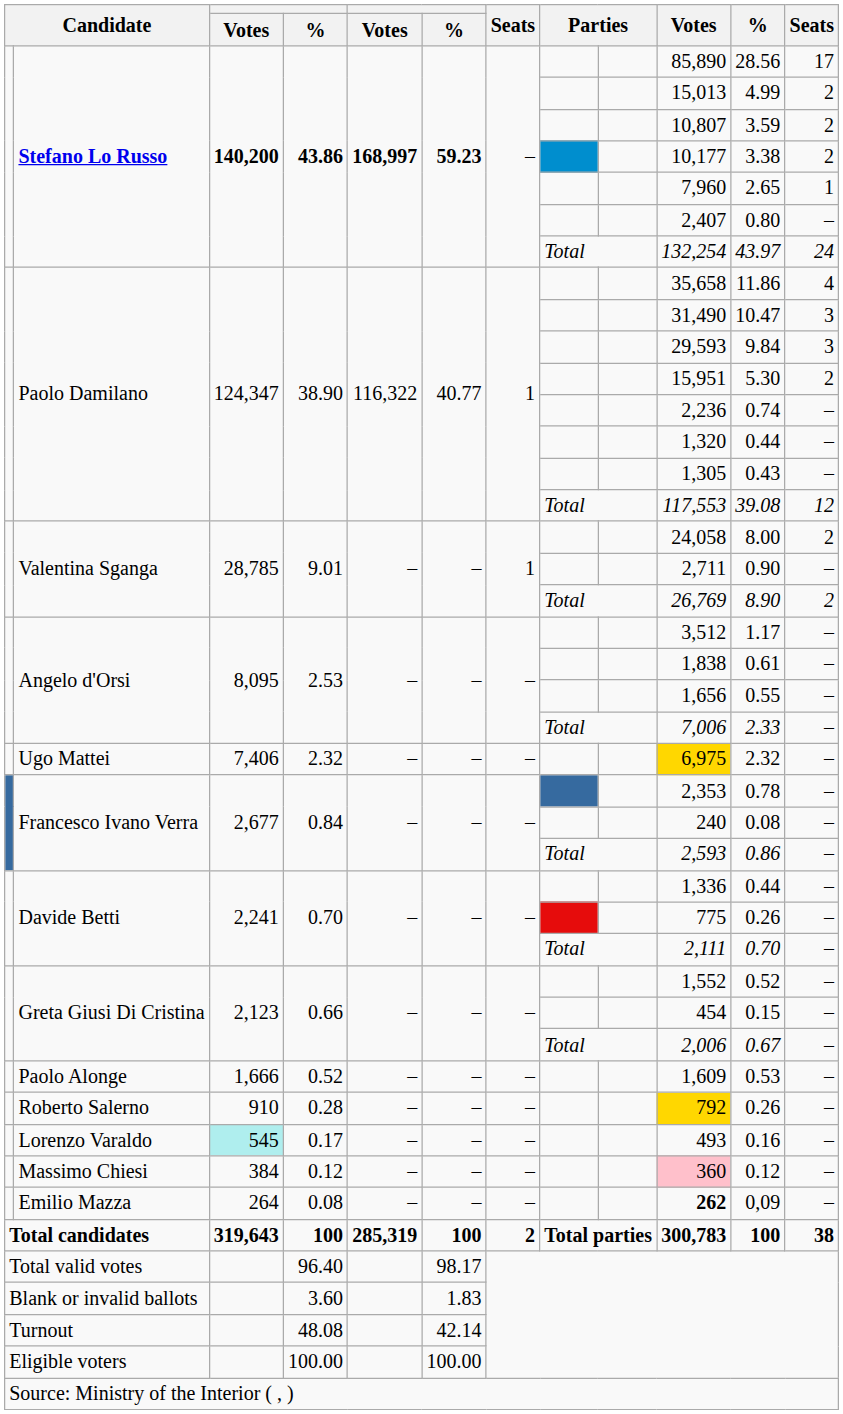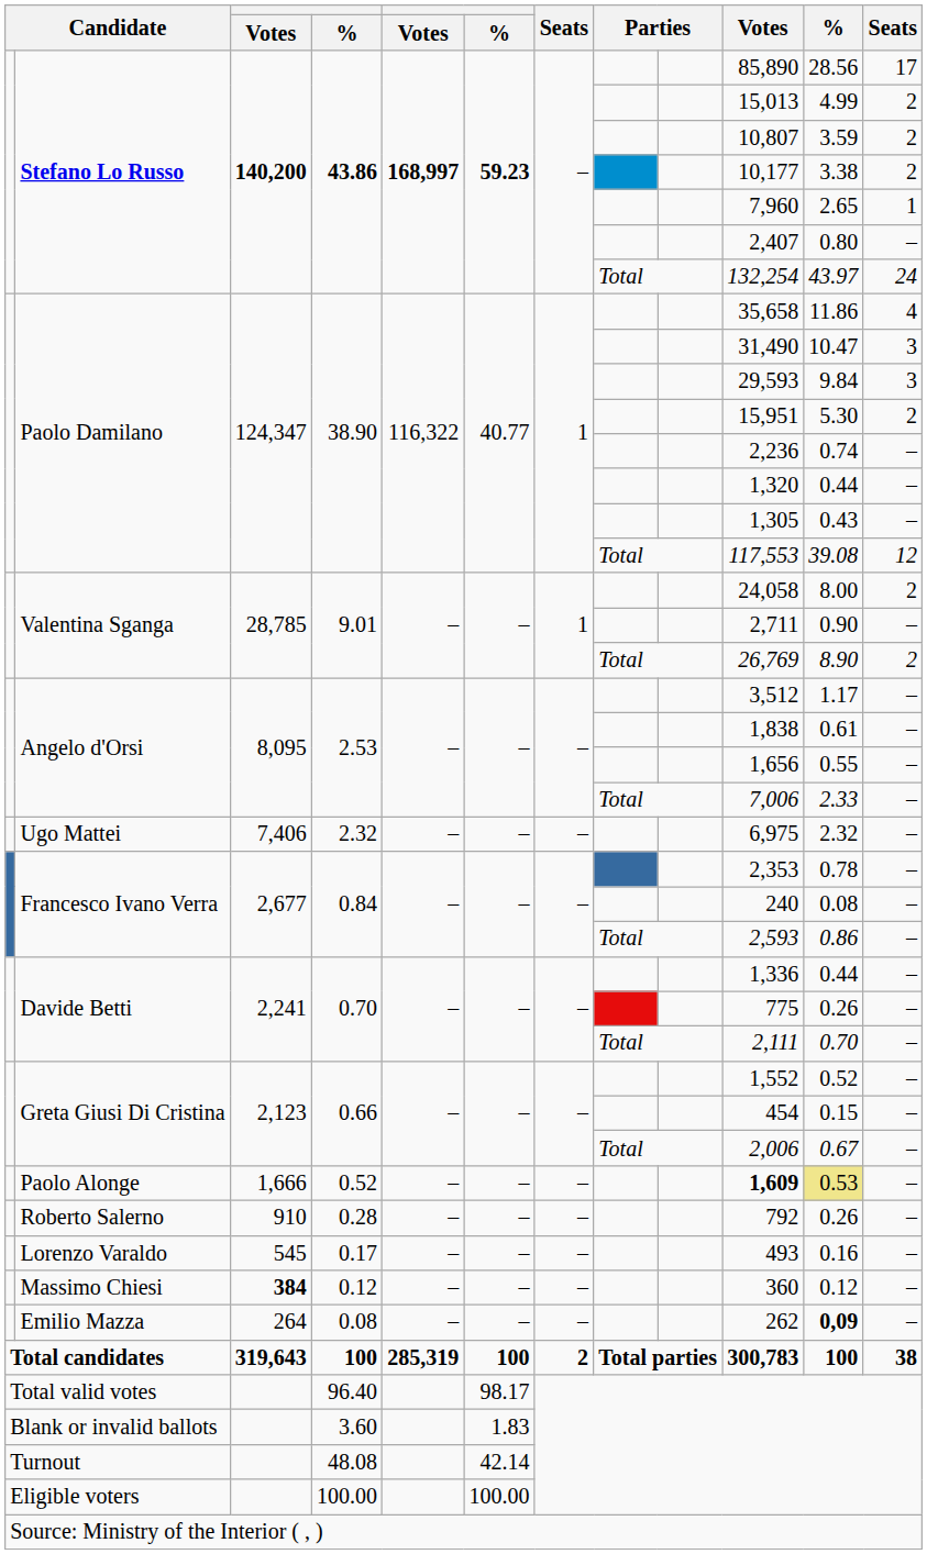 <table class="wikitable" style="text-align:right;">
 <tr>
 <th colspan=2 rowspan=2>Candidate</th>
 <th colspan=2></th>
 <th colspan=2></th>
 <th rowspan=2>Seats</th>
 <th colspan=2 rowspan=2>Parties</th>
 <th rowspan=2>Votes</th>
 <th rowspan=2>%</th>
 <th rowspan=2>Seats</th>
 </tr>
 <tr>
 <th>Votes</th>
 <th>%</th>
 <th>Votes</th>
 <th>%</th>
 </tr>
 <tr>
 <td rowspan=7></td>
 <td rowspan=7 align=left><strong><a href='#'>Stefano Lo Russo</a></strong></td>
 <td rowspan=7><strong>140,200</strong></td>
 <td rowspan=7><strong>43.86</strong></td>
 <td rowspan=7><strong>168,997</strong></td>
 <td rowspan=7><strong>59.23</strong></td>
 <td rowspan=7>–</td>
 <td></td>
 <td align=left></td>
 <td>85,890</td>
 <td>28.56</td>
 <td>17</td>
 </tr>
 <tr>
 <td></td>
 <td align=left></td>
 <td>15,013</td>
 <td>4.99</td>
 <td>2</td>
 </tr>
 <tr>
 <td></td>
 <td align=left></td>
 <td>10,807</td>
 <td>3.59</td>
 <td>2</td>
 </tr>
 <tr>
 <td bgcolor="#008ECE"></td>
 <td align=left></td>
 <td>10,177</td>
 <td>3.38</td>
 <td>2</td>
 </tr>
 <tr>
 <td></td>
 <td align=left></td>
 <td>7,960</td>
 <td>2.65</td>
 <td>1</td>
 </tr>
 <tr>
 <td></td>
 <td align=left></td>
 <td>2,407</td>
 <td>0.80</td>
 <td>–</td>
 </tr>
 <tr>
 <td colspan=2 align=left><em>Total</em></td>
 <td><em>132,254</em></td>
 <td><em>43.97</em></td>
 <td><em>24</em></td>
 </tr>
 <tr>
 <td rowspan=8></td>
 <td rowspan=8 align=left>Paolo Damilano</td>
 <td rowspan=8>124,347</td>
 <td rowspan=8>38.90</td>
 <td rowspan=8>116,322</td>
 <td rowspan=8>40.77</td>
 <td rowspan=8>1</td>
 <td></td>
 <td align=left></td>
 <td>35,658</td>
 <td>11.86</td>
 <td>4</td>
 </tr>
 <tr>
 <td></td>
 <td align=left></td>
 <td>31,490</td>
 <td>10.47</td>
 <td>3</td>
 </tr>
 <tr>
 <td></td>
 <td align=left></td>
 <td>29,593</td>
 <td>9.84</td>
 <td>3</td>
 </tr>
 <tr>
 <td></td>
 <td align=left></td>
 <td>15,951</td>
 <td>5.30</td>
 <td>2</td>
 </tr>
 <tr>
 <td></td>
 <td align=left></td>
 <td>2,236</td>
 <td>0.74</td>
 <td>–</td>
 </tr>
 <tr>
 <td></td>
 <td align=left></td>
 <td>1,320</td>
 <td>0.44</td>
 <td>–</td>
 </tr>
 <tr>
 <td></td>
 <td align=left></td>
 <td>1,305</td>
 <td>0.43</td>
 <td>–</td>
 </tr>
 <tr>
 <td colspan=2 align=left><em>Total</em></td>
 <td><em>117,553</em></td>
 <td><em>39.08</em></td>
 <td><em>12</em></td>
 </tr>
 <tr>
 <td rowspan=3></td>
 <td rowspan=3 align=left>Valentina Sganga</td>
 <td rowspan=3>28,785</td>
 <td rowspan=3>9.01</td>
 <td rowspan=3>–</td>
 <td rowspan=3>–</td>
 <td rowspan=3>1</td>
 <td></td>
 <td align=left></td>
 <td>24,058</td>
 <td>8.00</td>
 <td>2</td>
 </tr>
 <tr>
 <td></td>
 <td align=left></td>
 <td>2,711</td>
 <td>0.90</td>
 <td>–</td>
 </tr>
 <tr>
 <td colspan=2 align=left><em>Total</em></td>
 <td><em>26,769</em></td>
 <td><em>8.90</em></td>
 <td><em>2</em></td>
 </tr>
 <tr>
 <td rowspan=4></td>
 <td rowspan=4 align=left>Angelo d'Orsi</td>
 <td rowspan=4>8,095</td>
 <td rowspan=4>2.53</td>
 <td rowspan=4>–</td>
 <td rowspan=4>–</td>
 <td rowspan=4>–</td>
 <td></td>
 <td align=left></td>
 <td>3,512</td>
 <td>1.17</td>
 <td>–</td>
 </tr>
 <tr>
 <td></td>
 <td align=left></td>
 <td>1,838</td>
 <td>0.61</td>
 <td>–</td>
 </tr>
 <tr>
 <td></td>
 <td align=left></td>
 <td>1,656</td>
 <td>0.55</td>
 <td>–</td>
 </tr>
 <tr>
 <td colspan=2 align=left><em>Total</em></td>
 <td><em>7,006</em></td>
 <td><em>2.33</em></td>
 <td><em>–</em></td>
 </tr>
 <tr>
 <td></td>
 <td align=left>Ugo Mattei</td>
 <td>7,406</td>
 <td>2.32</td>
 <td>–</td>
 <td>–</td>
 <td>–</td>
 <td></td>
 <td align=left></td>
-<td style="background: gold;">6,975</td>
+<td>6,975</td>
 <td>2.32</td>
 <td>–</td>
 </tr>
 <tr>
 <td rowspan=3 bgcolor="#366A9F"></td>
 <td rowspan=3 align=left>Francesco Ivano Verra</td>
 <td rowspan=3>2,677</td>
 <td rowspan=3>0.84</td>
 <td rowspan=3>–</td>
 <td rowspan=3>–</td>
 <td rowspan=3>–</td>
 <td bgcolor="#366A9F"></td>
 <td align=left></td>
 <td>2,353</td>
 <td>0.78</td>
 <td>–</td>
 </tr>
 <tr>
 <td></td>
 <td align=left></td>
 <td>240</td>
 <td>0.08</td>
 <td>–</td>
 </tr>
 <tr>
 <td colspan=2 align=left><em>Total</em></td>
 <td><em>2,593</em></td>
 <td><em>0.86</em></td>
 <td><em>–</em></td>
 </tr>
 <tr>
 <td rowspan=3></td>
 <td rowspan=3 align=left>Davide Betti</td>
 <td rowspan=3>2,241</td>
 <td rowspan=3>0.70</td>
 <td rowspan=3>–</td>
 <td rowspan=3>–</td>
 <td rowspan=3>–</td>
 <td></td>
 <td align=left></td>
 <td>1,336</td>
 <td>0.44</td>
 <td>–</td>
 </tr>
 <tr>
 <td bgcolor="#E60C0C"></td>
 <td align=left></td>
 <td>775</td>
 <td>0.26</td>
 <td>–</td>
 </tr>
 <tr>
 <td colspan=2 align=left><em>Total</em></td>
 <td><em>2,111</em></td>
 <td><em>0.70</em></td>
 <td><em>–</em></td>
 </tr>
 <tr>
 <td rowspan=3></td>
 <td rowspan=3 align=left>Greta Giusi Di Cristina</td>
 <td rowspan=3>2,123</td>
 <td rowspan=3>0.66</td>
 <td rowspan=3>–</td>
 <td rowspan=3>–</td>
 <td rowspan=3>–</td>
 <td></td>
 <td align=left></td>
 <td>1,552</td>
 <td>0.52</td>
 <td>–</td>
 </tr>
 <tr>
 <td></td>
 <td align=left></td>
 <td>454</td>
 <td>0.15</td>
 <td>–</td>
 </tr>
 <tr>
 <td colspan=2 align=left><em>Total</em></td>
 <td><em>2,006</em></td>
 <td><em>0.67</em></td>
 <td><em>–</em></td>
 </tr>
 <tr>
 <td></td>
 <td align=left>Paolo Alonge</td>
 <td>1,666</td>
 <td>0.52</td>
 <td>–</td>
 <td>–</td>
 <td>–</td>
 <td></td>
 <td align=left></td>
-<td>1,609</td>
-<td>0.53</td>
+<td><strong>1,609</strong></td>
+<td style="background: khaki;">0.53</td>
 <td>–</td>
 </tr>
 <tr>
 <td></td>
 <td align=left>Roberto Salerno</td>
 <td>910</td>
 <td>0.28</td>
 <td>–</td>
 <td>–</td>
 <td>–</td>
 <td></td>
 <td align=left></td>
-<td style="background: gold;">792</td>
+<td>792</td>
 <td>0.26</td>
 <td>–</td>
 </tr>
 <tr>
 <td></td>
 <td align=left>Lorenzo Varaldo</td>
-<td style="background: paleturquoise;">545</td>
+<td>545</td>
 <td>0.17</td>
 <td>–</td>
 <td>–</td>
 <td>–</td>
 <td></td>
 <td align=left></td>
 <td>493</td>
 <td>0.16</td>
 <td>–</td>
 </tr>
 <tr>
 <td></td>
 <td align=left>Massimo Chiesi</td>
-<td>384</td>
+<td><strong>384</strong></td>
 <td>0.12</td>
 <td>–</td>
 <td>–</td>
 <td>–</td>
 <td></td>
 <td align=left></td>
-<td style="background: pink;">360</td>
+<td>360</td>
 <td>0.12</td>
 <td>–</td>
 </tr>
 <tr>
 <td></td>
 <td align=left>Emilio Mazza</td>
 <td>264</td>
 <td>0.08</td>
 <td>–</td>
 <td>–</td>
 <td>–</td>
 <td></td>
 <td align=left></td>
-<td><strong>262</strong></td>
-<td>0,09</td>
+<td>262</td>
+<td><strong>0,09</strong></td>
 <td>–</td>
 </tr>
 <tr>
 <td colspan=2 align=left><strong>Total candidates</strong></td>
 <td><strong>319,643</strong></td>
 <td><strong>100</strong></td>
 <td><strong>285,319</strong></td>
 <td><strong>100</strong></td>
 <td><strong>2</strong></td>
 <td colspan=2 align=left><strong>Total parties</strong></td>
 <td><strong>300,783</strong></td>
 <td><strong>100</strong></td>
 <td><strong>38</strong></td>
 </tr>
 <tr>
 <td colspan=2 align=left>Total valid votes</td>
 <td></td>
 <td>96.40</td>
 <td></td>
 <td>98.17</td>
 </tr>
 <tr>
 <td colspan=2 align=left>Blank or invalid ballots</td>
 <td></td>
 <td>3.60</td>
 <td></td>
 <td>1.83</td>
 </tr>
 <tr>
 <td colspan=2 align=left>Turnout</td>
 <td></td>
 <td>48.08</td>
 <td></td>
 <td>42.14</td>
 </tr>
 <tr>
 <td colspan=2 align=left>Eligible voters</td>
 <td></td>
 <td>100.00</td>
 <td></td>
 <td>100.00</td>
 </tr>
 <tr>
 <td colspan="12" align=left>Source: Ministry of the Interior ( ,  )</td>
 </tr>
 </table>
